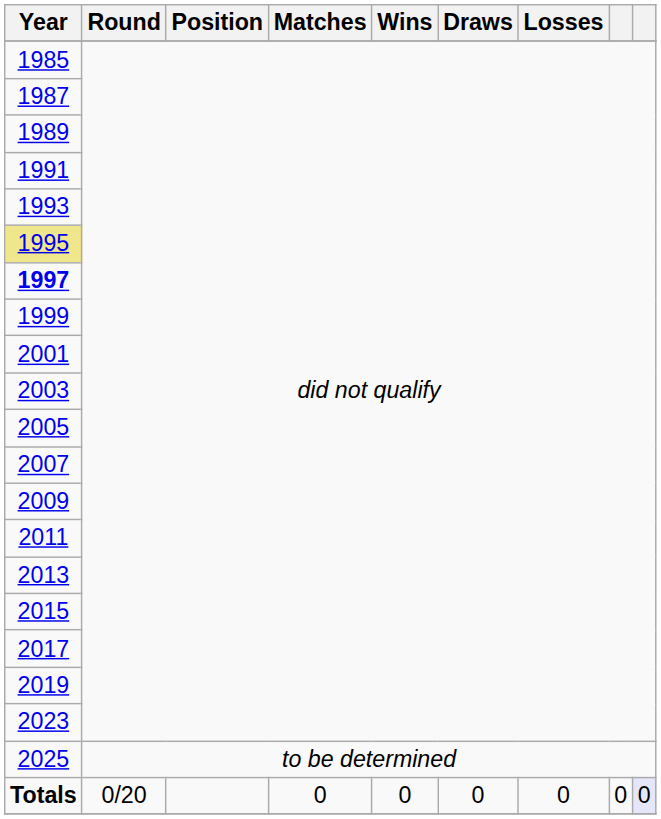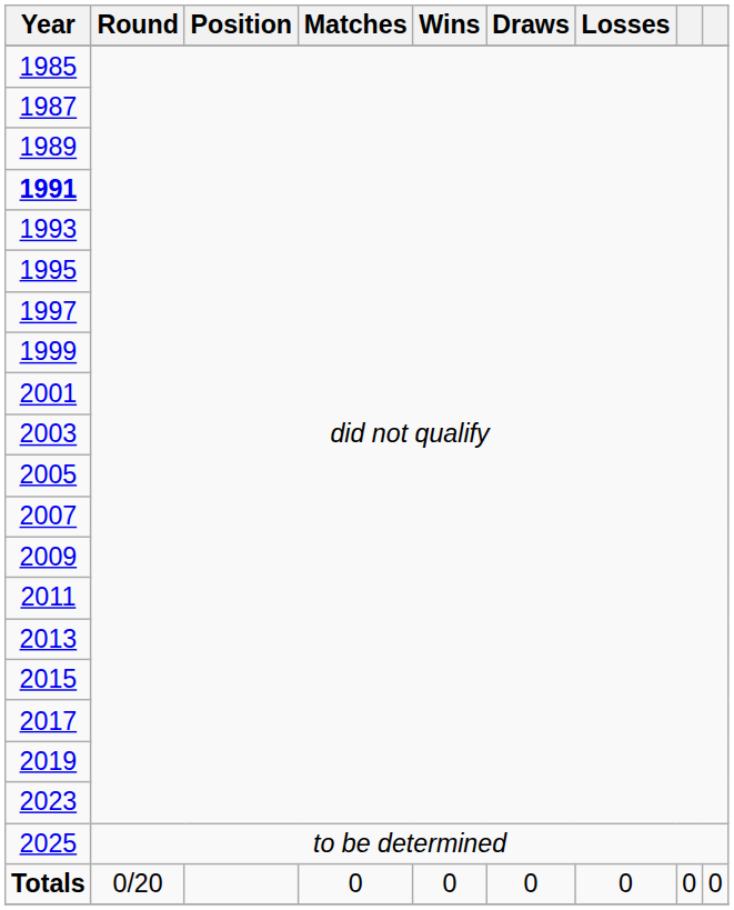 <table class=wikitable style="text-align: center;">
 <tr>
 <th>Year</th>
 <th>Round</th>
 <th>Position</th>
 <th>Matches</th>
 <th>Wins</th>
 <th>Draws</th>
 <th>Losses</th>
 <th></th>
 <th></th>
 </tr>
 <tr>
 </tr>
 <tr>
 <td> <a href='#'>1985</a></td>
 <td colspan=8 rowspan=19><em>did not qualify</em></td>
 </tr>
 <tr>
 <td> <a href='#'>1987</a></td>
 </tr>
 <tr>
 <td> <a href='#'>1989</a></td>
 </tr>
 <tr>
-<td> <a href='#'>1991</a></td>
+<td><strong> <a href='#'>1991</a></strong></td>
 </tr>
 <tr>
 <td> <a href='#'>1993</a></td>
 </tr>
 <tr>
-<td style="background: khaki;"> <a href='#'>1995</a></td>
+<td> <a href='#'>1995</a></td>
 </tr>
 <tr>
-<td><strong> <a href='#'>1997</a></strong></td>
+<td> <a href='#'>1997</a></td>
 </tr>
 <tr>
 <td> <a href='#'>1999</a></td>
 </tr>
 <tr>
 <td> <a href='#'>2001</a></td>
 </tr>
 <tr>
 <td> <a href='#'>2003</a></td>
 </tr>
 <tr>
 <td> <a href='#'>2005</a></td>
 </tr>
 <tr>
 <td> <a href='#'>2007</a></td>
 </tr>
 <tr>
 <td> <a href='#'>2009</a></td>
 </tr>
 <tr>
 <td> <a href='#'>2011</a></td>
 </tr>
 <tr>
 <td> <a href='#'>2013</a></td>
 </tr>
 <tr>
 <td> <a href='#'>2015</a></td>
 </tr>
 <tr>
 <td> <a href='#'>2017</a></td>
 </tr>
 <tr>
 <td> <a href='#'>2019</a></td>
 </tr>
 <tr>
 <td> <a href='#'>2023</a></td>
 </tr>
 <tr>
 <td> <a href='#'>2025</a></td>
 <td colspan=8><em>to be determined</em></td>
 </tr>
 <tr>
 <td><strong>Totals</strong></td>
 <td>0/20</td>
 <td></td>
 <td>0</td>
 <td>0</td>
 <td>0</td>
 <td>0</td>
 <td>0</td>
-<td style="background: lavender;">0</td>
+<td>0</td>
 </tr>
 <tr>
 </tr>
 </table>
